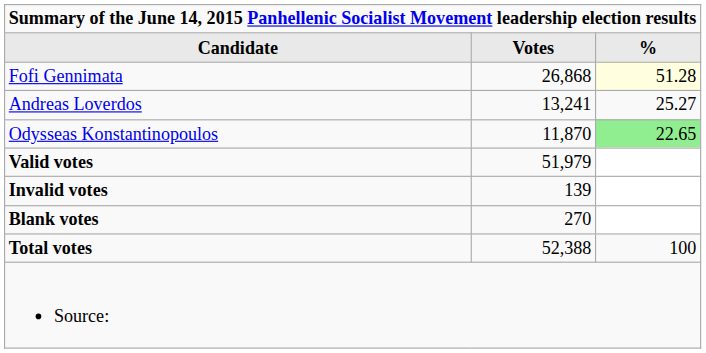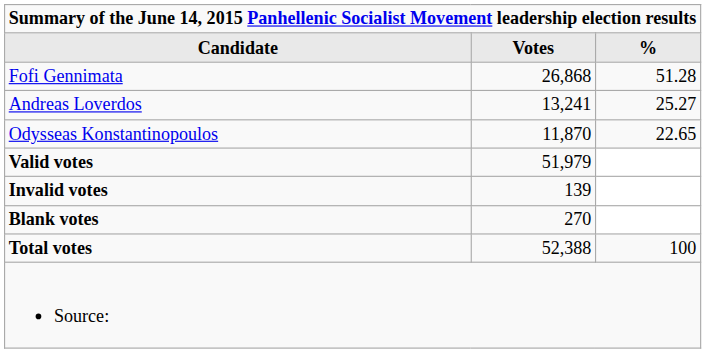 <table class="wikitable">
 <tr>
 <td colspan="3"><strong>Summary of the June 14, 2015 <a href='#'>Panhellenic Socialist Movement</a> leadership election results</strong></td>
 </tr>
 <tr>
 <th style="background-color:#E9E9E9" align=left>Candidate</th>
 <th style="background-color:#E9E9E9" align=right>Votes</th>
 <th style="background-color:#E9E9E9" align=right>%</th>
 </tr>
 <tr>
 <td align=left><a href='#'>Fofi Gennimata</a></td>
 <td align="right">26,868</td>
-<td align="right" style="background: lightyellow;">51.28</td>
+<td align="right">51.28</td>
 </tr>
 <tr>
 <td align=left><a href='#'>Andreas Loverdos</a></td>
 <td align="right">13,241</td>
 <td align="right">25.27</td>
 </tr>
 <tr>
 <td align=left><a href='#'>Odysseas Konstantinopoulos</a></td>
 <td align="right">11,870</td>
-<td align="right" style="background: lightgreen;">22.65</td>
+<td align="right">22.65</td>
 </tr>
 <tr>
 <td align=left><strong>Valid votes</strong></td>
 <td align="right">51,979</td>
 <td bgcolor="white"></td>
 </tr>
 <tr>
 <td align=left><strong>Invalid votes</strong></td>
 <td align="right">139</td>
 <td bgcolor="white"></td>
 </tr>
 <tr>
 <td align=left><strong>Blank votes</strong></td>
 <td align="right">270</td>
 <td bgcolor="white"></td>
 </tr>
 <tr>
 <td align=left><strong>Total votes</strong></td>
 <td align="right">52,388</td>
 <td align="right">100</td>
 </tr>
 <tr>
 <td align=left colspan=3><br><ul><li>Source: </li></ul></td>
 </tr>
 </table>
